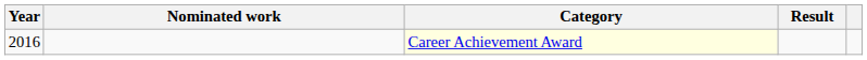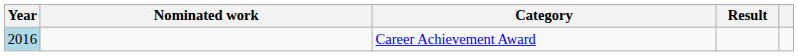 <table class="wikitable sortable">
 <tr>
 <th scope="col" style="width:1em;">Year</th>
 <th scope="col" style="width:39em;">Nominated work</th>
 <th scope="col" style="width:40em;">Category</th>
 <th scope="col" style="width:5em;">Result</th>
 <th scope="col" style="width:1em;"class="unsortable"></th>
 </tr>
 <tr>
-<td>2016</td>
+<td style="background: lightblue;">2016</td>
 <td></td>
-<td style="background: lightyellow;"><a href='#'>Career Achievement Award</a></td>
+<td><a href='#'>Career Achievement Award</a></td>
 <td></td>
 <td></td>
 </tr>
 </table>
